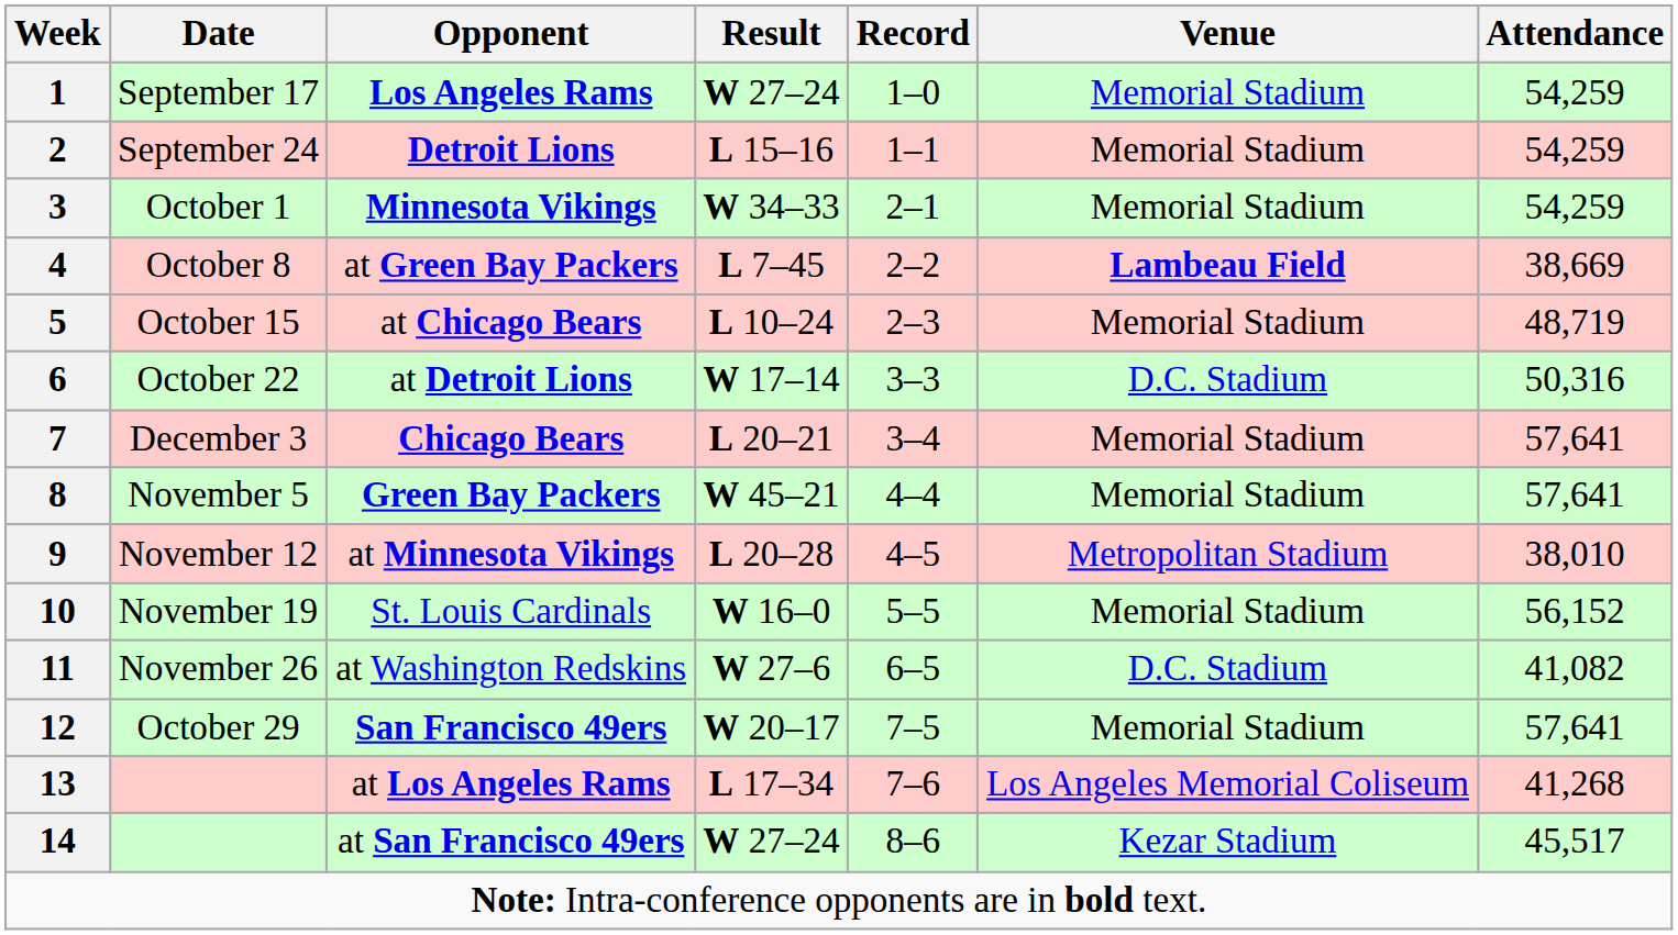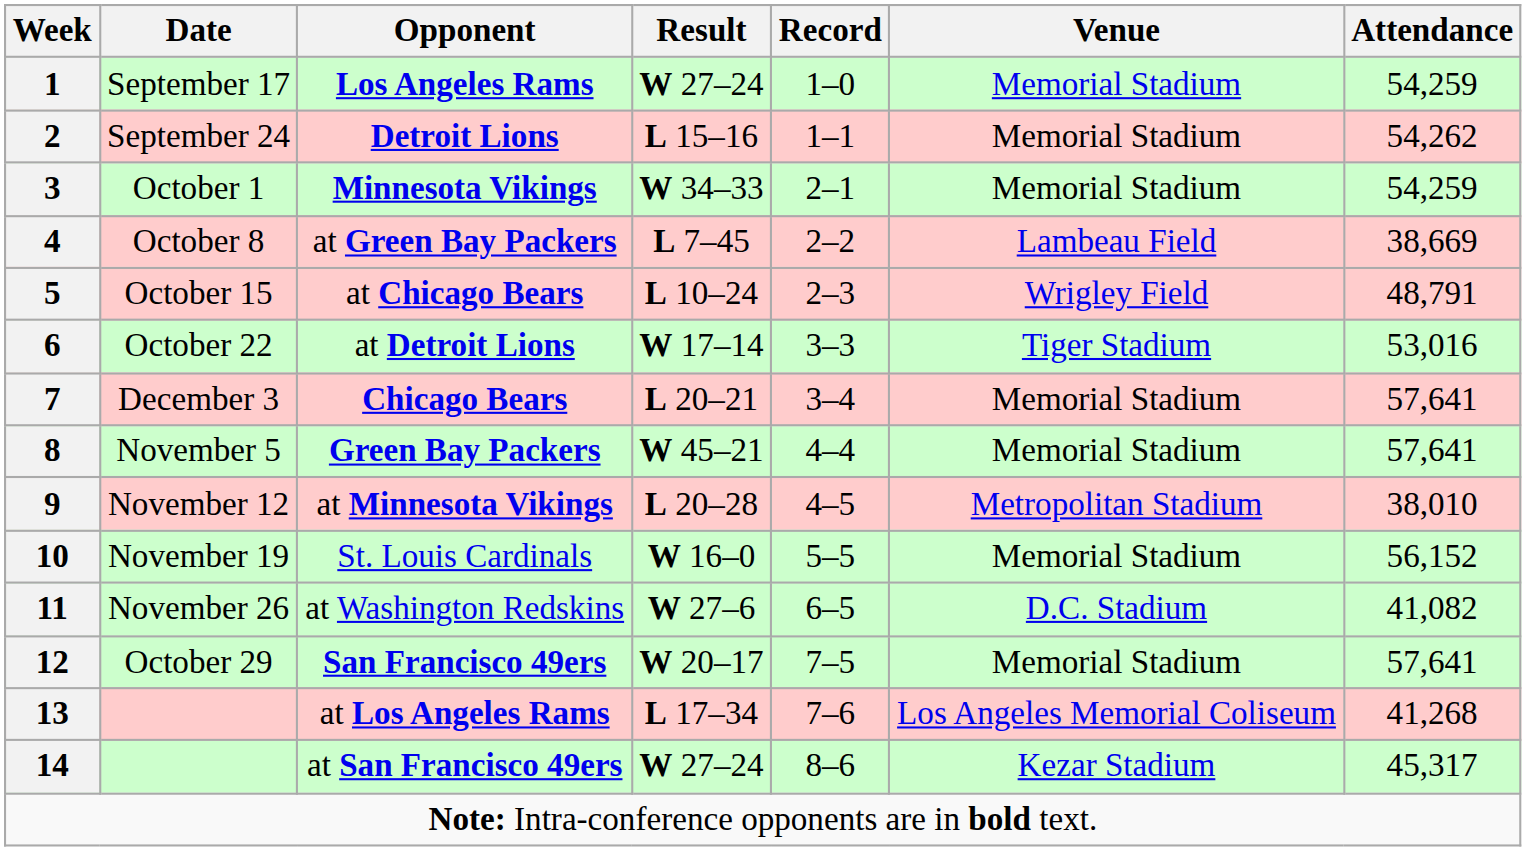 <table class="wikitable" style="text-align:center">
 <tr>
 <th>Week</th>
 <th>Date</th>
 <th>Opponent</th>
 <th>Result</th>
 <th>Record</th>
 <th>Venue</th>
 <th>Attendance</th>
 </tr>
 <tr style="background:#cfc">
 <th>1</th>
 <td>September 17</td>
 <td><strong><a href='#'>Los Angeles Rams</a></strong></td>
 <td><strong>W</strong> 27–24</td>
 <td>1–0</td>
 <td><a href='#'>Memorial Stadium</a></td>
 <td>54,259</td>
 </tr>
 <tr style="background:#fcc">
 <th>2</th>
 <td>September 24</td>
 <td><strong><a href='#'>Detroit Lions</a></strong></td>
 <td><strong>L</strong> 15–16</td>
 <td>1–1</td>
 <td>Memorial Stadium</td>
-<td>54,259</td>
+<td>54,262</td>
 </tr>
 <tr style="background:#cfc">
 <th>3</th>
 <td>October 1</td>
 <td><strong><a href='#'>Minnesota Vikings</a></strong></td>
 <td><strong>W</strong> 34–33</td>
 <td>2–1</td>
 <td>Memorial Stadium</td>
 <td>54,259</td>
 </tr>
 <tr style="background:#fcc">
 <th>4</th>
 <td>October 8</td>
 <td>at <strong><a href='#'>Green Bay Packers</a></strong></td>
 <td><strong>L</strong> 7–45</td>
 <td>2–2</td>
-<td><strong><a href='#'>Lambeau Field</a></strong></td>
+<td><a href='#'>Lambeau Field</a></td>
 <td>38,669</td>
 </tr>
 <tr style="background:#fcc">
 <th>5</th>
 <td>October 15</td>
 <td>at <strong><a href='#'>Chicago Bears</a></strong></td>
 <td><strong>L</strong> 10–24</td>
 <td>2–3</td>
-<td>Memorial Stadium</td>
-<td>48,719</td>
+<td><a href='#'>Wrigley Field</a></td>
+<td>48,791</td>
 </tr>
 <tr style="background:#cfc">
 <th>6</th>
 <td>October 22</td>
 <td>at <strong><a href='#'>Detroit Lions</a></strong></td>
 <td><strong>W</strong> 17–14</td>
 <td>3–3</td>
-<td><a href='#'>D.C. Stadium</a></td>
-<td>50,316</td>
+<td><a href='#'>Tiger Stadium</a></td>
+<td>53,016</td>
 </tr>
 <tr style="background:#fcc">
 <th>7</th>
 <td>December 3</td>
 <td><strong><a href='#'>Chicago Bears</a></strong></td>
 <td><strong>L</strong> 20–21</td>
 <td>3–4</td>
 <td>Memorial Stadium</td>
 <td>57,641</td>
 </tr>
 <tr style="background:#cfc">
 <th>8</th>
 <td>November 5</td>
 <td><strong><a href='#'>Green Bay Packers</a></strong></td>
 <td><strong>W</strong> 45–21</td>
 <td>4–4</td>
 <td>Memorial Stadium</td>
 <td>57,641</td>
 </tr>
 <tr style="background:#fcc">
 <th>9</th>
 <td>November 12</td>
 <td>at <strong><a href='#'>Minnesota Vikings</a></strong></td>
 <td><strong>L</strong> 20–28</td>
 <td>4–5</td>
 <td><a href='#'>Metropolitan Stadium</a></td>
 <td>38,010</td>
 </tr>
 <tr style="background:#cfc">
 <th>10</th>
 <td>November 19</td>
 <td><a href='#'>St. Louis Cardinals</a></td>
 <td><strong>W</strong> 16–0</td>
 <td>5–5</td>
 <td>Memorial Stadium</td>
 <td>56,152</td>
 </tr>
 <tr style="background:#cfc">
 <th>11</th>
 <td>November 26</td>
 <td>at <a href='#'>Washington Redskins</a></td>
 <td><strong>W</strong> 27–6</td>
 <td>6–5</td>
 <td><a href='#'>D.C. Stadium</a></td>
 <td>41,082</td>
 </tr>
 <tr style="background:#cfc">
 <th>12</th>
 <td>October 29</td>
 <td><strong><a href='#'>San Francisco 49ers</a></strong></td>
 <td><strong>W</strong> 20–17</td>
 <td>7–5</td>
 <td>Memorial Stadium</td>
 <td>57,641</td>
 </tr>
 <tr style="background:#fcc">
 <th>13</th>
 <td></td>
 <td>at <strong><a href='#'>Los Angeles Rams</a></strong></td>
 <td><strong>L</strong> 17–34</td>
 <td>7–6</td>
 <td><a href='#'>Los Angeles Memorial Coliseum</a></td>
 <td>41,268</td>
 </tr>
 <tr style="background:#cfc">
 <th>14</th>
 <td></td>
 <td>at <strong><a href='#'>San Francisco 49ers</a></strong></td>
 <td><strong>W</strong> 27–24</td>
 <td>8–6</td>
 <td><a href='#'>Kezar Stadium</a></td>
-<td>45,517</td>
+<td>45,317</td>
 </tr>
 <tr>
 <td colspan="8"><strong>Note:</strong> Intra-conference opponents are in <strong>bold</strong> text.</td>
 </tr>
 </table>
